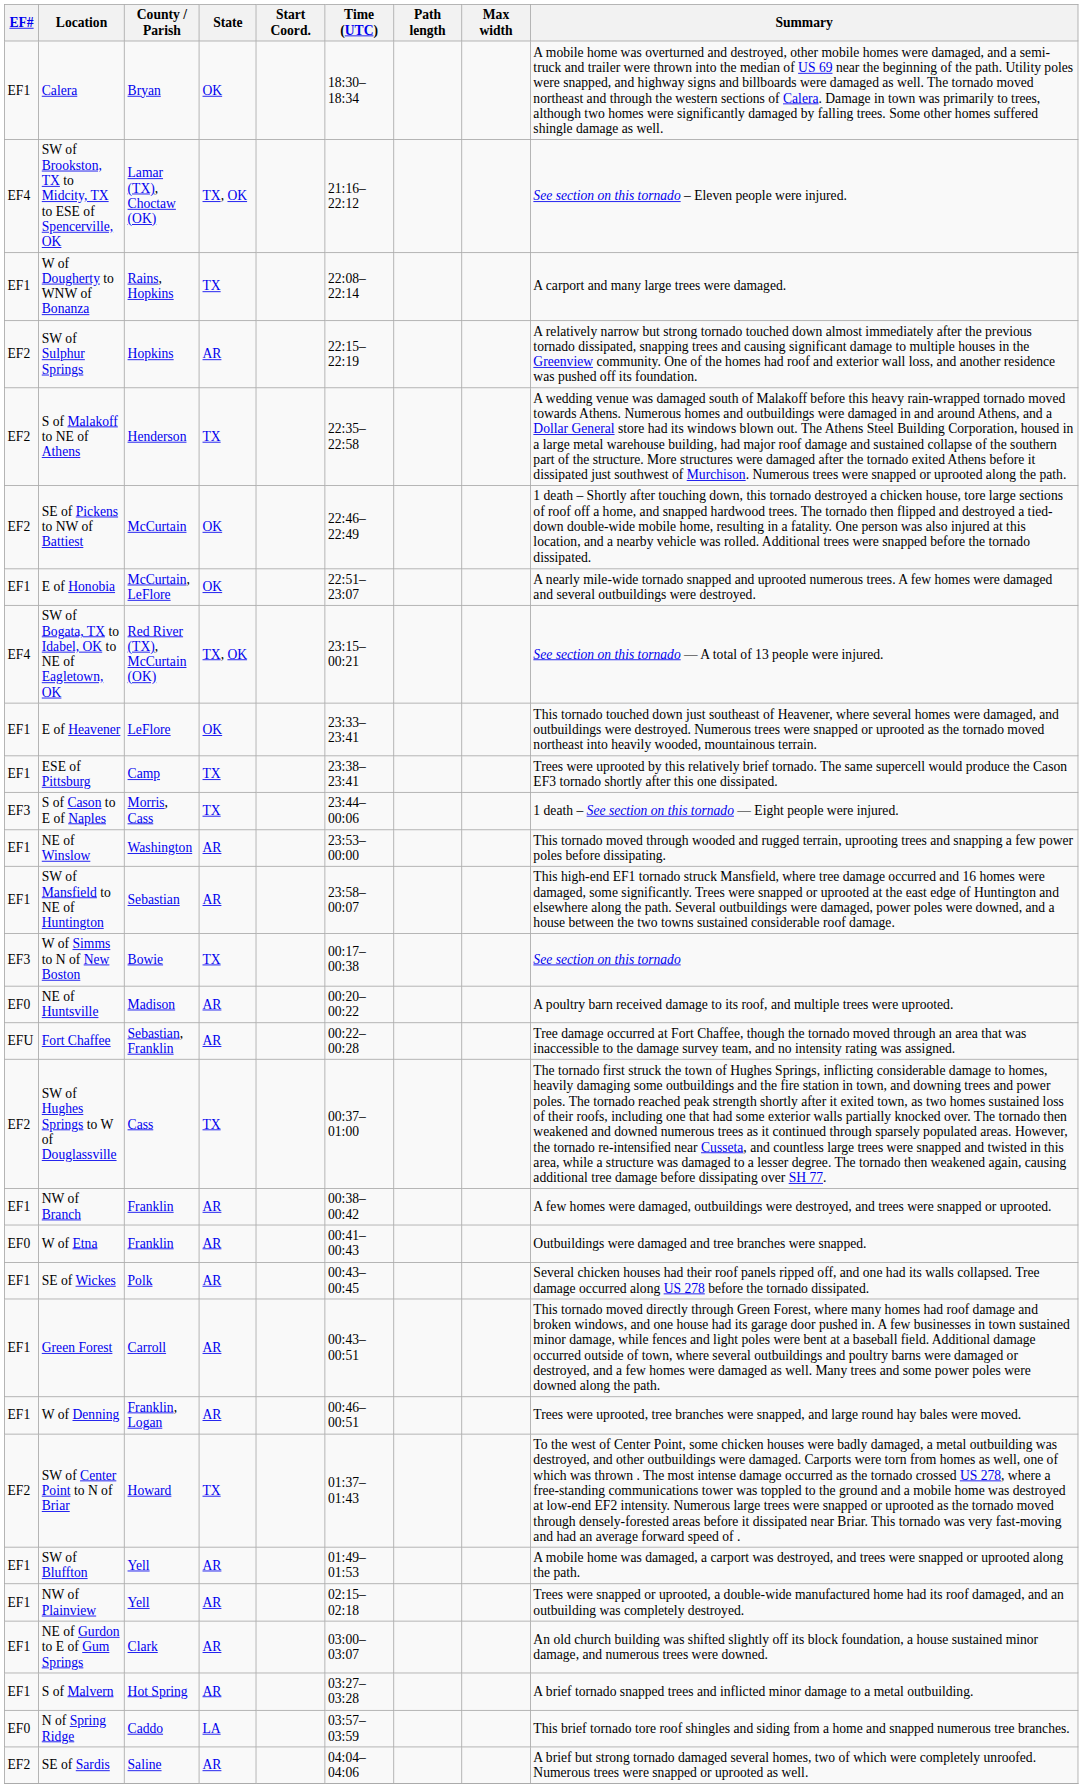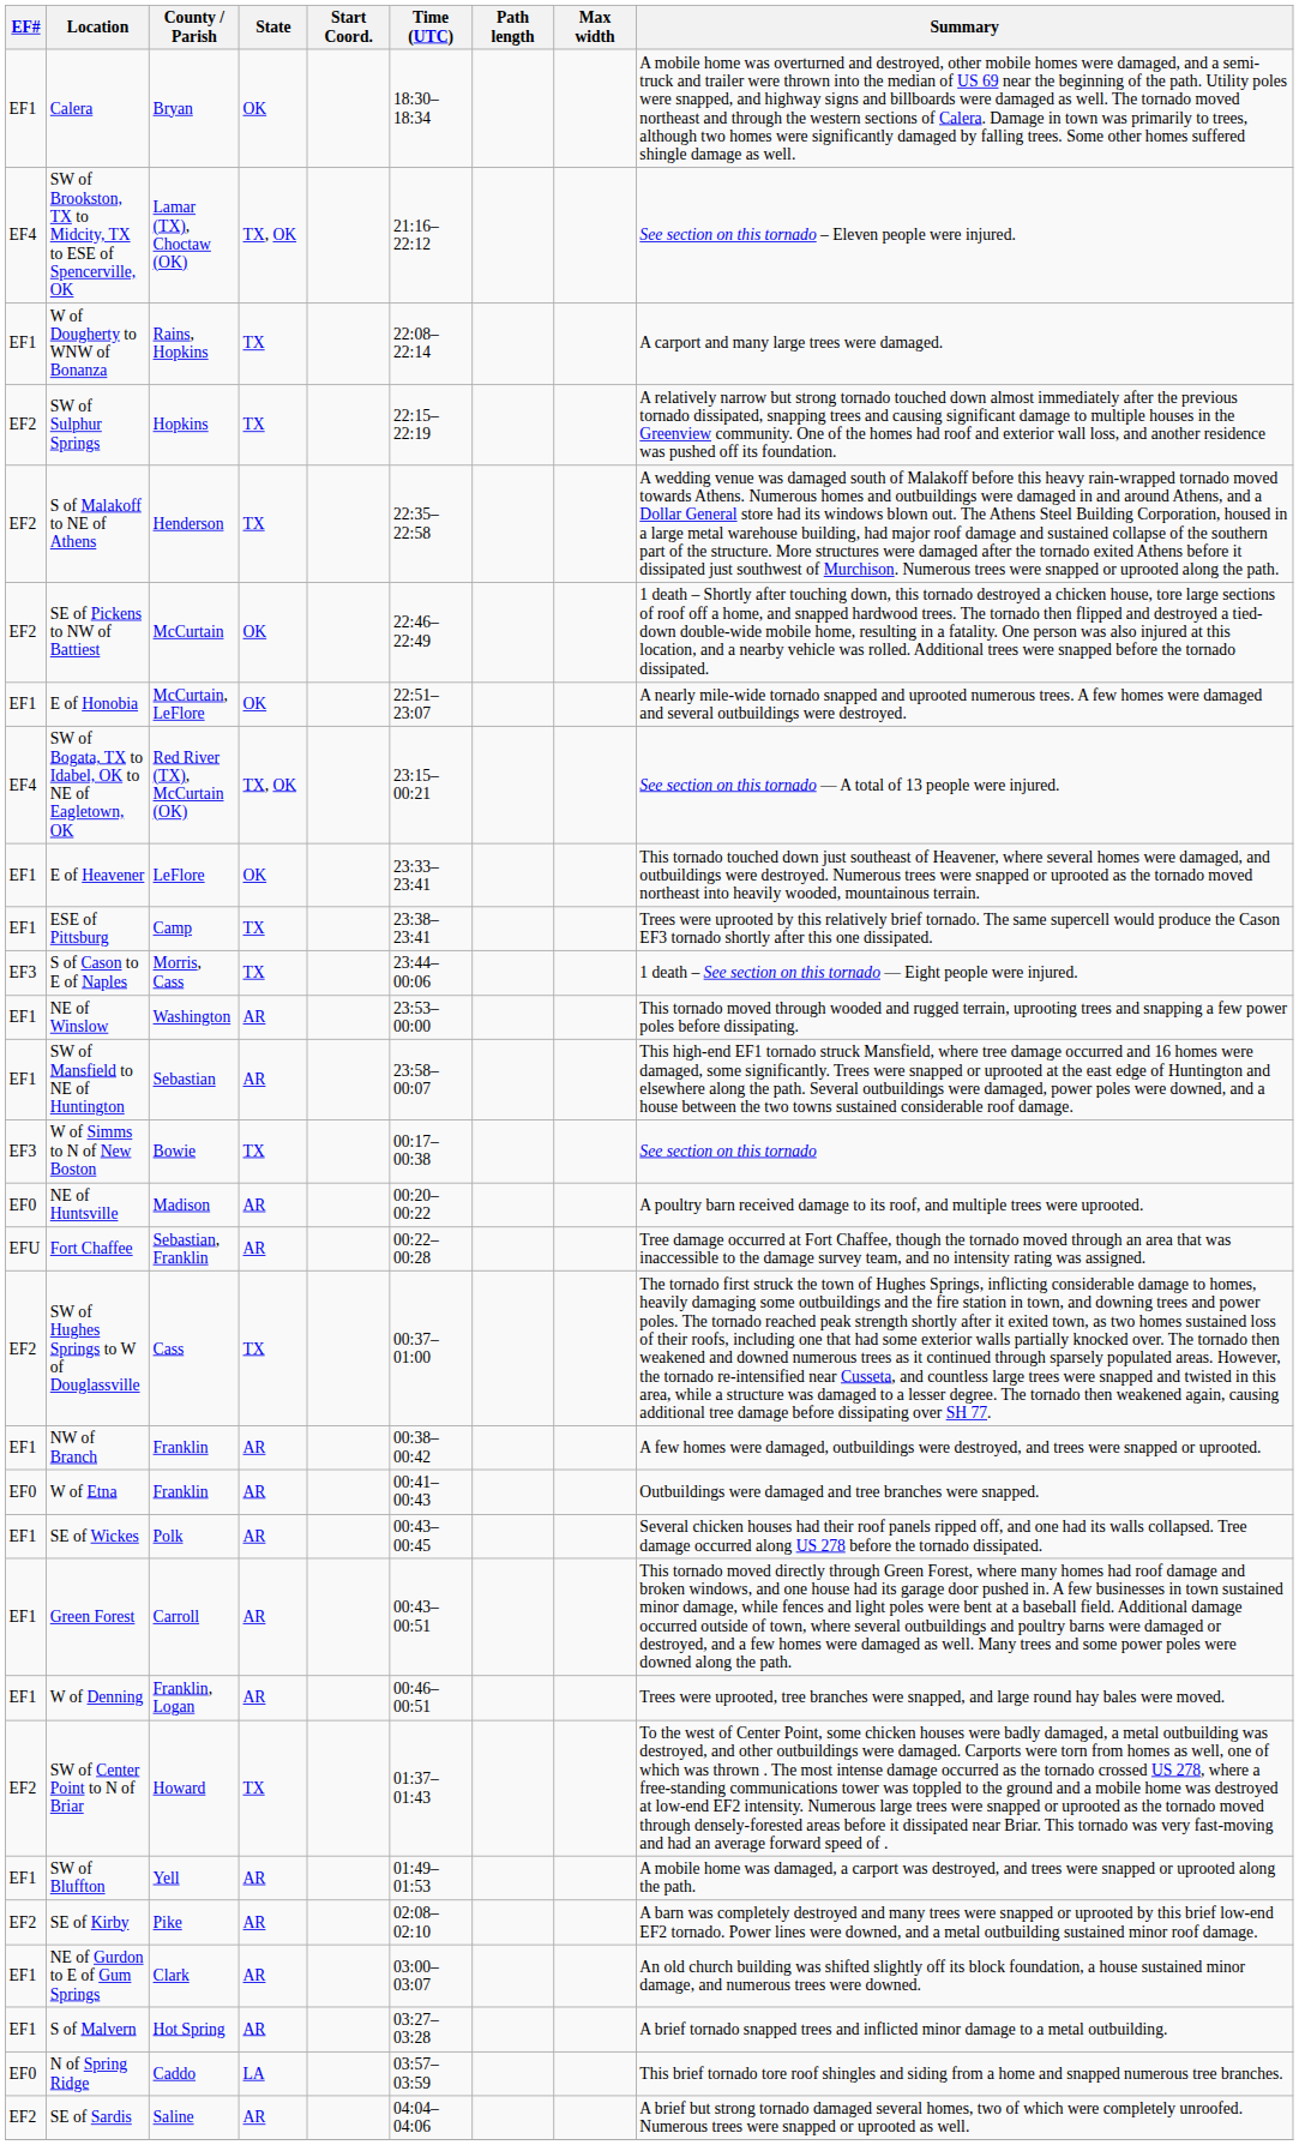 <table class="wikitable sortable" style="width:100%;">
 <tr>
 <th scope="col" style="width:3%; text-align:center;"><a href='#'>EF#</a></th>
 <th scope="col" style="width:7%; text-align:center;" class="unsortable">Location</th>
 <th scope="col" style="width:6%; text-align:center;" class="unsortable">County / Parish</th>
 <th scope="col" style="width:5%; text-align:center;">State</th>
 <th scope="col" style="width:6%; text-align:center;">Start Coord.</th>
 <th scope="col" style="width:6%; text-align:center;">Time (<a href='#'>UTC</a>)</th>
 <th scope="col" style="width:6%; text-align:center;">Path length</th>
 <th scope="col" style="width:6%; text-align:center;">Max width</th>
 <th scope="col" class="unsortable" style="width:48%; text-align:center;">Summary</th>
 </tr>
 <tr>
 <td>EF1</td>
 <td><a href='#'>Calera</a></td>
 <td><a href='#'>Bryan</a></td>
 <td><a href='#'>OK</a></td>
 <td></td>
 <td>18:30–18:34</td>
 <td></td>
 <td></td>
 <td>A mobile home was overturned and destroyed, other mobile homes were damaged, and a semi-truck and trailer were thrown into the median of <a href='#'>US 69</a> near the beginning of the path. Utility poles were snapped, and highway signs and billboards were damaged as well. The tornado moved northeast and through the western sections of <a href='#'>Calera</a>. Damage in town was primarily to trees, although two homes were significantly damaged by falling trees. Some other homes suffered shingle damage as well.</td>
 </tr>
 <tr>
 <td>EF4</td>
 <td>SW of <a href='#'>Brookston, TX</a> to <a href='#'>Midcity, TX</a> to ESE of <a href='#'>Spencerville, OK</a></td>
 <td><a href='#'>Lamar (TX)</a>, <a href='#'>Choctaw (OK)</a></td>
 <td><a href='#'>TX</a>, <a href='#'>OK</a></td>
 <td></td>
 <td>21:16–22:12</td>
 <td></td>
 <td></td>
 <td><em><a href='#'>See section on this tornado</a></em> – Eleven people were injured.</td>
 </tr>
 <tr>
 <td>EF1</td>
 <td>W of <a href='#'>Dougherty</a> to WNW of <a href='#'>Bonanza</a></td>
 <td><a href='#'>Rains</a>, <a href='#'>Hopkins</a></td>
 <td><a href='#'>TX</a></td>
 <td></td>
 <td>22:08–22:14</td>
 <td></td>
 <td></td>
 <td>A carport and many large trees were damaged.</td>
 </tr>
 <tr>
 <td>EF2</td>
 <td>SW of <a href='#'>Sulphur Springs</a></td>
 <td><a href='#'>Hopkins</a></td>
-<td><a href='#'>AR</a></td>
+<td><a href='#'>TX</a></td>
 <td></td>
 <td>22:15–22:19</td>
 <td></td>
 <td></td>
 <td>A relatively narrow but strong tornado touched down almost immediately after the previous tornado dissipated, snapping trees and causing significant damage to multiple houses in the <a href='#'>Greenview</a> community. One of the homes had roof and exterior wall loss, and another residence was pushed off its foundation.</td>
 </tr>
 <tr>
 <td>EF2</td>
 <td>S of <a href='#'>Malakoff</a> to NE of <a href='#'>Athens</a></td>
 <td><a href='#'>Henderson</a></td>
 <td><a href='#'>TX</a></td>
 <td></td>
 <td>22:35–22:58</td>
 <td></td>
 <td></td>
 <td>A wedding venue was damaged south of Malakoff before this heavy rain-wrapped tornado moved towards Athens. Numerous homes and outbuildings were damaged in and around Athens, and a <a href='#'>Dollar General</a> store had its windows blown out. The Athens Steel Building Corporation, housed in a large metal warehouse building, had major roof damage and sustained collapse of the southern part of the structure. More structures were damaged after the tornado exited Athens before it dissipated just southwest of <a href='#'>Murchison</a>. Numerous trees were snapped or uprooted along the path.</td>
 </tr>
 <tr>
 <td>EF2</td>
 <td>SE of <a href='#'>Pickens</a> to NW of <a href='#'>Battiest</a></td>
 <td><a href='#'>McCurtain</a></td>
 <td><a href='#'>OK</a></td>
 <td></td>
 <td>22:46–22:49</td>
 <td></td>
 <td></td>
 <td>1 death – Shortly after touching down, this tornado destroyed a chicken house, tore large sections of roof off a home, and snapped hardwood trees. The tornado then flipped and destroyed a tied-down double-wide mobile home, resulting in a fatality. One person was also injured at this location, and a nearby vehicle was rolled. Additional trees were snapped before the tornado dissipated.</td>
 </tr>
 <tr>
 <td>EF1</td>
 <td>E of <a href='#'>Honobia</a></td>
 <td><a href='#'>McCurtain</a>, <a href='#'>LeFlore</a></td>
 <td><a href='#'>OK</a></td>
 <td></td>
 <td>22:51–23:07</td>
 <td></td>
 <td></td>
 <td>A nearly mile-wide tornado snapped and uprooted numerous trees. A few homes were damaged and several outbuildings were destroyed.</td>
 </tr>
 <tr>
 <td>EF4</td>
 <td>SW of <a href='#'>Bogata, TX</a> to <a href='#'>Idabel, OK</a> to NE of <a href='#'>Eagletown, OK</a></td>
 <td><a href='#'>Red River (TX)</a>, <a href='#'>McCurtain (OK)</a></td>
 <td><a href='#'>TX</a>, <a href='#'>OK</a></td>
 <td></td>
 <td>23:15–00:21</td>
 <td></td>
 <td></td>
 <td><em><a href='#'>See section on this tornado</a></em> — A total of 13 people were injured.</td>
 </tr>
 <tr>
 <td>EF1</td>
 <td>E of <a href='#'>Heavener</a></td>
 <td><a href='#'>LeFlore</a></td>
 <td><a href='#'>OK</a></td>
 <td></td>
 <td>23:33–23:41</td>
 <td></td>
 <td></td>
 <td>This tornado touched down just southeast of Heavener, where several homes were damaged, and outbuildings were destroyed. Numerous trees were snapped or uprooted as the tornado moved northeast into heavily wooded, mountainous terrain.</td>
 </tr>
 <tr>
 <td>EF1</td>
 <td>ESE of <a href='#'>Pittsburg</a></td>
 <td><a href='#'>Camp</a></td>
 <td><a href='#'>TX</a></td>
 <td></td>
 <td>23:38–23:41</td>
 <td></td>
 <td></td>
 <td>Trees were uprooted by this relatively brief tornado. The same supercell would produce the Cason EF3 tornado shortly after this one dissipated.</td>
 </tr>
 <tr>
 <td>EF3</td>
 <td>S of <a href='#'>Cason</a> to E of <a href='#'>Naples</a></td>
 <td><a href='#'>Morris</a>, <a href='#'>Cass</a></td>
 <td><a href='#'>TX</a></td>
 <td></td>
 <td>23:44–00:06</td>
 <td></td>
 <td></td>
 <td>1 death – <em><a href='#'>See section on this tornado</a></em> — Eight people were injured.</td>
 </tr>
 <tr>
 <td>EF1</td>
 <td>NE of <a href='#'>Winslow</a></td>
 <td><a href='#'>Washington</a></td>
 <td><a href='#'>AR</a></td>
 <td></td>
 <td>23:53–00:00</td>
 <td></td>
 <td></td>
 <td>This tornado moved through wooded and rugged terrain, uprooting trees and snapping a few power poles before dissipating.</td>
 </tr>
 <tr>
 <td>EF1</td>
 <td>SW of <a href='#'>Mansfield</a> to NE of <a href='#'>Huntington</a></td>
 <td><a href='#'>Sebastian</a></td>
 <td><a href='#'>AR</a></td>
 <td></td>
 <td>23:58–00:07</td>
 <td></td>
 <td></td>
 <td>This high-end EF1 tornado struck Mansfield, where tree damage occurred and 16 homes were damaged, some significantly. Trees were snapped or uprooted at the east edge of Huntington and elsewhere along the path. Several outbuildings were damaged, power poles were downed, and a house between the two towns sustained considerable roof damage.</td>
 </tr>
 <tr>
 <td>EF3</td>
 <td>W of <a href='#'>Simms</a> to N of <a href='#'>New Boston</a></td>
 <td><a href='#'>Bowie</a></td>
 <td><a href='#'>TX</a></td>
 <td></td>
 <td>00:17–00:38</td>
 <td></td>
 <td></td>
 <td><em><a href='#'>See section on this tornado</a></em></td>
 </tr>
 <tr>
 <td>EF0</td>
 <td>NE of <a href='#'>Huntsville</a></td>
 <td><a href='#'>Madison</a></td>
 <td><a href='#'>AR</a></td>
 <td></td>
 <td>00:20–00:22</td>
 <td></td>
 <td></td>
 <td>A poultry barn received damage to its roof, and multiple trees were uprooted.</td>
 </tr>
 <tr>
 <td>EFU</td>
 <td><a href='#'>Fort Chaffee</a></td>
 <td><a href='#'>Sebastian</a>, <a href='#'>Franklin</a></td>
 <td><a href='#'>AR</a></td>
 <td></td>
 <td>00:22–00:28</td>
 <td></td>
 <td></td>
 <td>Tree damage occurred at Fort Chaffee, though the tornado moved through an area that was inaccessible to the damage survey team, and no intensity rating was assigned.</td>
 </tr>
 <tr>
 <td>EF2</td>
 <td>SW of <a href='#'>Hughes Springs</a> to W of <a href='#'>Douglassville</a></td>
 <td><a href='#'>Cass</a></td>
 <td><a href='#'>TX</a></td>
 <td></td>
 <td>00:37–01:00</td>
 <td></td>
 <td></td>
 <td>The tornado first struck the town of Hughes Springs, inflicting considerable damage to homes, heavily damaging some outbuildings and the fire station in town, and downing trees and power poles. The tornado reached peak strength shortly after it exited town, as two homes sustained loss of their roofs, including one that had some exterior walls partially knocked over. The tornado then weakened and downed numerous trees as it continued through sparsely populated areas. However, the tornado re-intensified near <a href='#'>Cusseta</a>, and countless large trees were snapped and twisted in this area, while a structure was damaged to a lesser degree. The tornado then weakened again, causing additional tree damage before dissipating over <a href='#'>SH 77</a>.</td>
 </tr>
 <tr>
 <td>EF1</td>
 <td>NW of <a href='#'>Branch</a></td>
 <td><a href='#'>Franklin</a></td>
 <td><a href='#'>AR</a></td>
 <td></td>
 <td>00:38–00:42</td>
 <td></td>
 <td></td>
 <td>A few homes were damaged, outbuildings were destroyed, and trees were snapped or uprooted.</td>
 </tr>
 <tr>
 <td>EF0</td>
 <td>W of <a href='#'>Etna</a></td>
 <td><a href='#'>Franklin</a></td>
 <td><a href='#'>AR</a></td>
 <td></td>
 <td>00:41–00:43</td>
 <td></td>
 <td></td>
 <td>Outbuildings were damaged and tree branches were snapped.</td>
 </tr>
 <tr>
 <td>EF1</td>
 <td>SE of <a href='#'>Wickes</a></td>
 <td><a href='#'>Polk</a></td>
 <td><a href='#'>AR</a></td>
 <td></td>
 <td>00:43–00:45</td>
 <td></td>
 <td></td>
 <td>Several chicken houses had their roof panels ripped off, and one had its walls collapsed. Tree damage occurred along <a href='#'>US 278</a> before the tornado dissipated.</td>
 </tr>
 <tr>
 <td>EF1</td>
 <td><a href='#'>Green Forest</a></td>
 <td><a href='#'>Carroll</a></td>
 <td><a href='#'>AR</a></td>
 <td></td>
 <td>00:43–00:51</td>
 <td></td>
 <td></td>
 <td>This tornado moved directly through Green Forest, where many homes had roof damage and broken windows, and one house had its garage door pushed in. A few businesses in town sustained minor damage, while fences and light poles were bent at a baseball field. Additional damage occurred outside of town, where several outbuildings and poultry barns were damaged or destroyed, and a few homes were damaged as well. Many trees and some power poles were downed along the path.</td>
 </tr>
 <tr>
 <td>EF1</td>
 <td>W of <a href='#'>Denning</a></td>
 <td><a href='#'>Franklin</a>, <a href='#'>Logan</a></td>
 <td><a href='#'>AR</a></td>
 <td></td>
 <td>00:46–00:51</td>
 <td></td>
 <td></td>
 <td>Trees were uprooted, tree branches were snapped, and large round hay bales were moved.</td>
 </tr>
 <tr>
 <td>EF2</td>
 <td>SW of <a href='#'>Center Point</a> to N of <a href='#'>Briar</a></td>
 <td><a href='#'>Howard</a></td>
 <td><a href='#'>TX</a></td>
 <td></td>
 <td>01:37–01:43</td>
 <td></td>
 <td></td>
 <td>To the west of Center Point, some chicken houses were badly damaged, a metal outbuilding was destroyed, and other outbuildings were damaged. Carports were torn from homes as well, one of which was thrown . The most intense damage occurred as the tornado crossed <a href='#'>US 278</a>, where a free-standing communications tower was toppled to the ground and a mobile home was destroyed at low-end EF2 intensity. Numerous large trees were snapped or uprooted as the tornado moved through densely-forested areas before it dissipated near Briar. This tornado was very fast-moving and had an average forward speed of .</td>
 </tr>
 <tr>
 <td>EF1</td>
 <td>SW of <a href='#'>Bluffton</a></td>
 <td><a href='#'>Yell</a></td>
 <td><a href='#'>AR</a></td>
 <td></td>
 <td>01:49–01:53</td>
 <td></td>
 <td></td>
 <td>A mobile home was damaged, a carport was destroyed, and trees were snapped or uprooted along the path.</td>
 </tr>
 <tr>
-<td>EF1</td>
-<td>NW of <a href='#'>Plainview</a></td>
-<td><a href='#'>Yell</a></td>
+<td>EF2</td>
+<td>SE of <a href='#'>Kirby</a></td>
+<td><a href='#'>Pike</a></td>
 <td><a href='#'>AR</a></td>
 <td></td>
-<td>02:15–02:18</td>
+<td>02:08–02:10</td>
 <td></td>
 <td></td>
-<td>Trees were snapped or uprooted, a double-wide manufactured home had its roof damaged, and an outbuilding was completely destroyed.</td>
+<td>A barn was completely destroyed and many trees were snapped or uprooted by this brief low-end EF2 tornado. Power lines were downed, and a metal outbuilding sustained minor roof damage.</td>
 </tr>
 <tr>
 <td>EF1</td>
 <td>NE of <a href='#'>Gurdon</a> to E of <a href='#'>Gum Springs</a></td>
 <td><a href='#'>Clark</a></td>
 <td><a href='#'>AR</a></td>
 <td></td>
 <td>03:00–03:07</td>
 <td></td>
 <td></td>
 <td>An old church building was shifted slightly off its block foundation, a house sustained minor damage, and numerous trees were downed.</td>
 </tr>
 <tr>
 <td>EF1</td>
 <td>S of <a href='#'>Malvern</a></td>
 <td><a href='#'>Hot Spring</a></td>
 <td><a href='#'>AR</a></td>
 <td></td>
 <td>03:27–03:28</td>
 <td></td>
 <td></td>
 <td>A brief tornado snapped trees and inflicted minor damage to a metal outbuilding.</td>
 </tr>
 <tr>
 <td>EF0</td>
 <td>N of <a href='#'>Spring Ridge</a></td>
 <td><a href='#'>Caddo</a></td>
 <td><a href='#'>LA</a></td>
 <td></td>
 <td>03:57–03:59</td>
 <td></td>
 <td></td>
 <td>This brief tornado tore roof shingles and siding from a home and snapped numerous tree branches.</td>
 </tr>
 <tr>
 <td>EF2</td>
 <td>SE of <a href='#'>Sardis</a></td>
 <td><a href='#'>Saline</a></td>
 <td><a href='#'>AR</a></td>
 <td></td>
 <td>04:04–04:06</td>
 <td></td>
 <td></td>
 <td>A brief but strong tornado damaged several homes, two of which were completely unroofed. Numerous trees were snapped or uprooted as well.</td>
 </tr>
 <tr>
 </tr>
 </table>
